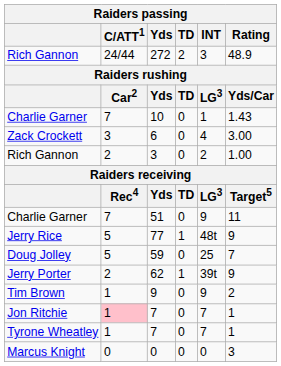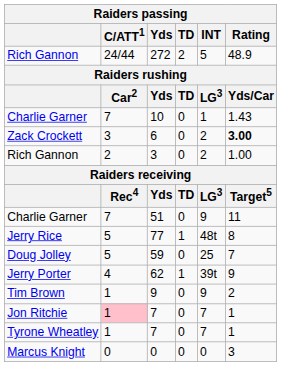 <table class="wikitable">
 <tr>
 <th colspan="6">Raiders passing</th>
 </tr>
 <tr>
 <th></th>
 <th>C/ATT<sup>1</sup></th>
 <th>Yds</th>
 <th>TD</th>
 <th>INT</th>
 <th>Rating</th>
 </tr>
 <tr>
 <td><a href='#'>Rich Gannon</a></td>
 <td>24/44</td>
 <td>272</td>
 <td>2</td>
-<td>3</td>
+<td>5</td>
 <td>48.9</td>
 </tr>
 <tr>
 <th colspan="6">Raiders rushing</th>
 </tr>
 <tr>
 <th></th>
 <th>Car<sup>2</sup></th>
 <th>Yds</th>
 <th>TD</th>
 <th>LG<sup>3</sup></th>
 <th>Yds/Car</th>
 </tr>
 <tr>
 <td><a href='#'>Charlie Garner</a></td>
 <td>7</td>
 <td>10</td>
 <td>0</td>
 <td>1</td>
 <td>1.43</td>
 </tr>
 <tr>
 <td><a href='#'>Zack Crockett</a></td>
 <td>3</td>
 <td>6</td>
 <td>0</td>
-<td>4</td>
-<td>3.00</td>
+<td>2</td>
+<td><strong>3.00</strong></td>
 </tr>
 <tr>
 <td>Rich Gannon</td>
 <td>2</td>
 <td>3</td>
 <td>0</td>
 <td>2</td>
 <td>1.00</td>
 </tr>
 <tr>
 <th colspan="6">Raiders receiving</th>
 </tr>
 <tr>
 <th></th>
 <th>Rec<sup>4</sup></th>
 <th>Yds</th>
 <th>TD</th>
 <th>LG<sup>3</sup></th>
 <th>Target<sup>5</sup></th>
 </tr>
 <tr>
 <td>Charlie Garner</td>
 <td>7</td>
 <td>51</td>
 <td>0</td>
 <td>9</td>
 <td>11</td>
 </tr>
 <tr>
 <td><a href='#'>Jerry Rice</a></td>
 <td>5</td>
 <td>77</td>
 <td>1</td>
 <td>48t</td>
-<td>9</td>
+<td>8</td>
 </tr>
 <tr>
 <td><a href='#'>Doug Jolley</a></td>
 <td>5</td>
 <td>59</td>
 <td>0</td>
 <td>25</td>
 <td>7</td>
 </tr>
 <tr>
 <td><a href='#'>Jerry Porter</a></td>
-<td>2</td>
+<td>4</td>
 <td>62</td>
 <td>1</td>
 <td>39t</td>
 <td>9</td>
 </tr>
 <tr>
 <td><a href='#'>Tim Brown</a></td>
 <td>1</td>
 <td>9</td>
 <td>0</td>
 <td>9</td>
 <td>2</td>
 </tr>
 <tr>
 <td><a href='#'>Jon Ritchie</a></td>
 <td style="background: pink;">1</td>
 <td>7</td>
 <td>0</td>
 <td>7</td>
 <td>1</td>
 </tr>
 <tr>
 <td><a href='#'>Tyrone Wheatley</a></td>
 <td>1</td>
 <td>7</td>
 <td>0</td>
 <td>7</td>
 <td>1</td>
 </tr>
 <tr>
 <td><a href='#'>Marcus Knight</a></td>
 <td>0</td>
 <td>0</td>
 <td>0</td>
 <td>0</td>
 <td>3</td>
 </tr>
 </table>
